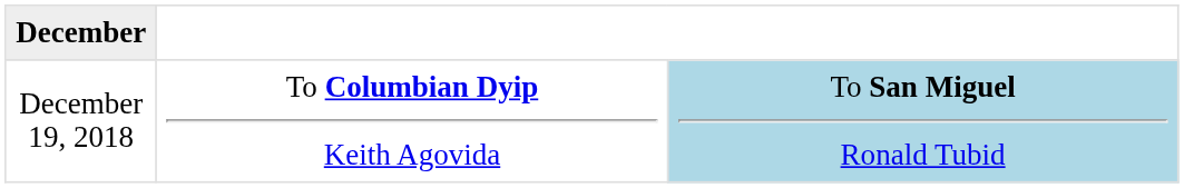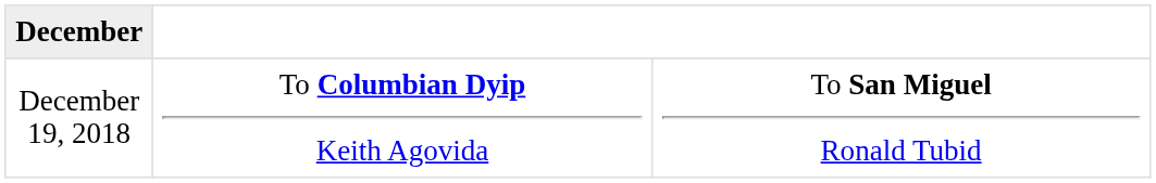 <table border=1 style="border-collapse:collapse; text-align: center; width: 100%" bordercolor="#DFDFDF"  cellpadding="5">
 <tr bgcolor="eeeeee">
 <th>December</th>
 </tr>
 <tr>
 <td style="width:12%" rowspan=4>December 19, 2018</td>
 <td style="width:44%" valign="top">To <strong><a href='#'>Columbian Dyip</a></strong><hr><a href='#'>Keith Agovida</a></td>
-<td style="background: lightblue; width:44%" valign="top">To <strong>San Miguel</strong><hr><a href='#'>Ronald Tubid</a></td>
+<td style="width:44%" valign="top">To <strong>San Miguel</strong><hr><a href='#'>Ronald Tubid</a></td>
 </tr>
 </table>
